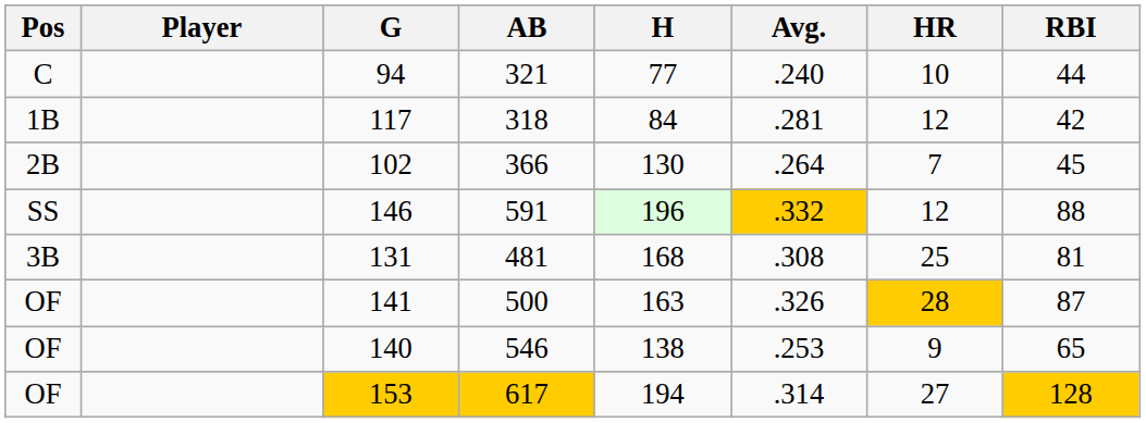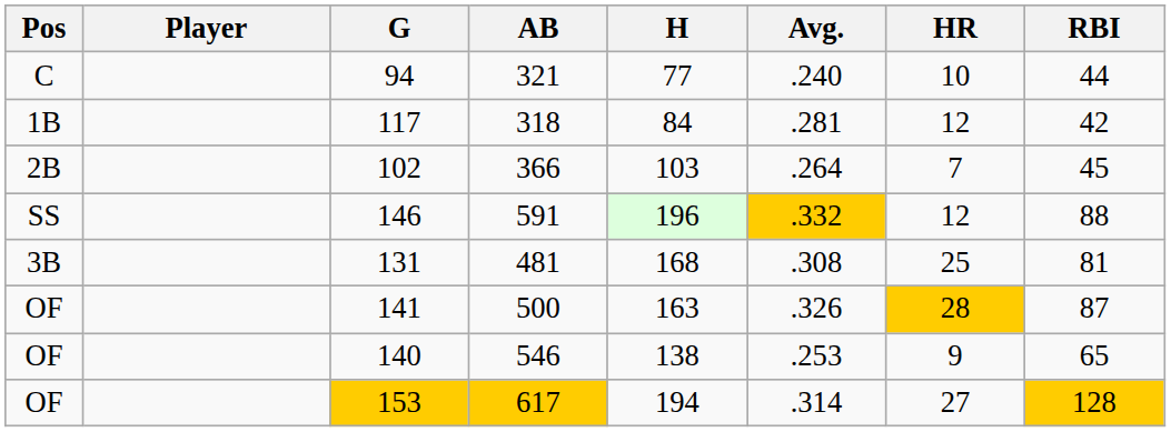 <table class="wikitable sortable">
 <tr>
 <th bgcolor="#DDDDFF" width="5%">Pos</th>
 <th bgcolor="#DDDDFF" width="16%">Player</th>
 <th bgcolor="#DDDDFF" width="9%">G</th>
 <th bgcolor="#DDDDFF" width="9%">AB</th>
 <th bgcolor="#DDDDFF" width="9%">H</th>
 <th bgcolor="#DDDDFF" width="9%">Avg.</th>
 <th bgcolor="#DDDDFF" width="9%">HR</th>
 <th bgcolor="#DDDDFF" width="9%">RBI</th>
 </tr>
 <tr align="center">
 <td>C</td>
 <td></td>
 <td>94</td>
 <td>321</td>
 <td>77</td>
 <td>.240</td>
 <td>10</td>
 <td>44</td>
 </tr>
 <tr align="center">
 <td>1B</td>
 <td></td>
 <td>117</td>
 <td>318</td>
 <td>84</td>
 <td>.281</td>
 <td>12</td>
 <td>42</td>
 </tr>
 <tr align="center">
 <td>2B</td>
 <td></td>
 <td>102</td>
 <td>366</td>
-<td>130</td>
+<td>103</td>
 <td>.264</td>
 <td>7</td>
 <td>45</td>
 </tr>
 <tr align="center">
 <td>SS</td>
 <td></td>
 <td>146</td>
 <td>591</td>
 <td style="background:#DDFFDD;">196</td>
 <td style="background:#fc0;">.332</td>
 <td>12</td>
 <td>88</td>
 </tr>
 <tr align="center">
 <td>3B</td>
 <td></td>
 <td>131</td>
 <td>481</td>
 <td>168</td>
 <td>.308</td>
 <td>25</td>
 <td>81</td>
 </tr>
 <tr align="center">
 <td>OF</td>
 <td></td>
 <td>141</td>
 <td>500</td>
 <td>163</td>
 <td>.326</td>
 <td style="background:#fc0;">28</td>
 <td>87</td>
 </tr>
 <tr align="center">
 <td>OF</td>
 <td></td>
 <td>140</td>
 <td>546</td>
 <td>138</td>
 <td>.253</td>
 <td>9</td>
 <td>65</td>
 </tr>
 <tr align="center">
 <td>OF</td>
 <td></td>
 <td style="background:#fc0;">153</td>
 <td style="background:#fc0;">617</td>
 <td>194</td>
 <td>.314</td>
 <td>27</td>
 <td style="background:#fc0;">128</td>
 </tr>
 </table>
